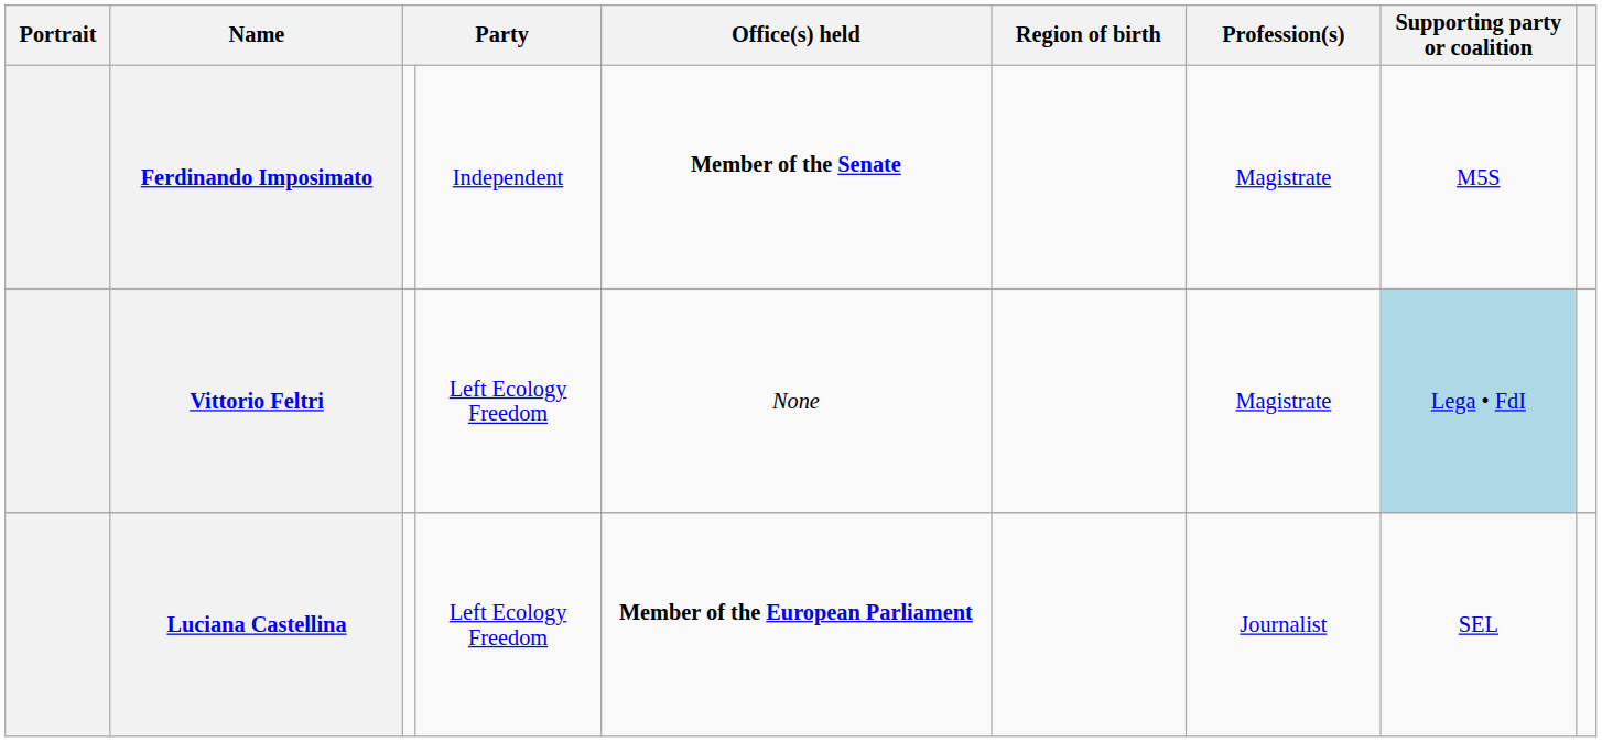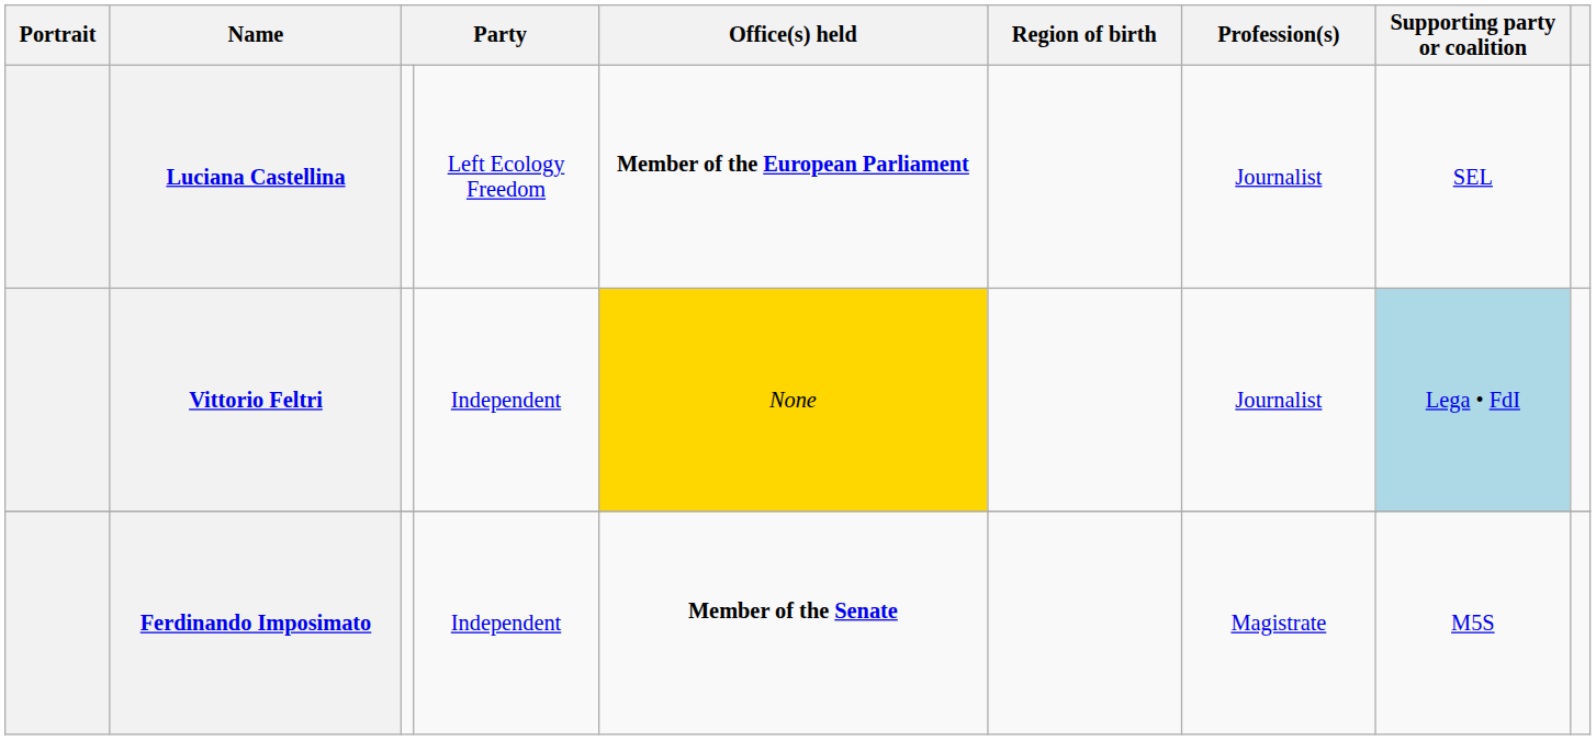 <table class="wikitable" style="text-align:center; style=" width="90%">
 <tr>
 <th width="5%">Portrait</th>
 <th width="15%">Name</th>
 <th colspan="2" width=10%>Party</th>
 <th width="20%">Office(s) held</th>
 <th width="10%">Region of birth</th>
 <th width="10%">Profession(s)</th>
 <th width="10%">Supporting party or coalition</th>
 <th width="1%"></th>
+</tr>
+<tr style="height:10em;"|>
+<th></th>
+<th style="font-weight:normal"><strong><a href='#'>Luciana Castellina</a></strong><br></th>
+<td style="background-color:"></td>
+<td><a href='#'>Left Ecology Freedom</a></td>
+<td><strong>Member of the <a href='#'>European Parliament</a></strong><br><br></td>
+<td></td>
+<td><a href='#'>Journalist</a></td>
+<td><a href='#'>SEL</a></td>
+<td></td>
+</tr>
+<tr style="height:10em;"|>
+<th></th>
+<th style="font-weight:normal"><strong><a href='#'>Vittorio Feltri</a></strong><br></th>
+<td style="background-color:"></td>
+<td><a href='#'>Independent</a></td>
+<td style="background: gold;"><em>None</em></td>
+<td></td>
+<td><a href='#'>Journalist</a></td>
+<td style="background: lightblue;"><a href='#'>Lega</a> • <a href='#'>FdI</a></td>
+<td></td>
+</tr>
+<tr>
 </tr>
 <tr style="height:10em;">
 <th></th>
 <th style="font-weight:normal"><strong><a href='#'>Ferdinando Imposimato</a></strong><br></th>
 <td style="background-color:"></td>
 <td><a href='#'>Independent</a></td>
 <td><strong>Member of the <a href='#'>Senate</a></strong><br> <br></td>
 <td></td>
 <td><a href='#'>Magistrate</a></td>
 <td><a href='#'>M5S</a></td>
 <td></td>
 </tr>
-<tr style="height:10em;"|>
-<th></th>
-<th style="font-weight:normal"><strong><a href='#'>Vittorio Feltri</a></strong><br></th>
-<td style="background-color:"></td>
-<td><a href='#'>Left Ecology Freedom</a></td>
-<td><em>None</em></td>
-<td></td>
-<td><a href='#'>Magistrate</a></td>
-<td style="background: lightblue;"><a href='#'>Lega</a> • <a href='#'>FdI</a></td>
-<td></td>
-</tr>
-<tr>
-</tr>
-<tr style="height:10em;"|>
-<th></th>
-<th style="font-weight:normal"><strong><a href='#'>Luciana Castellina</a></strong><br></th>
-<td style="background-color:"></td>
-<td><a href='#'>Left Ecology Freedom</a></td>
-<td><strong>Member of the <a href='#'>European Parliament</a></strong><br><br></td>
-<td></td>
-<td><a href='#'>Journalist</a></td>
-<td><a href='#'>SEL</a></td>
-<td></td>
-</tr>
 </table>
